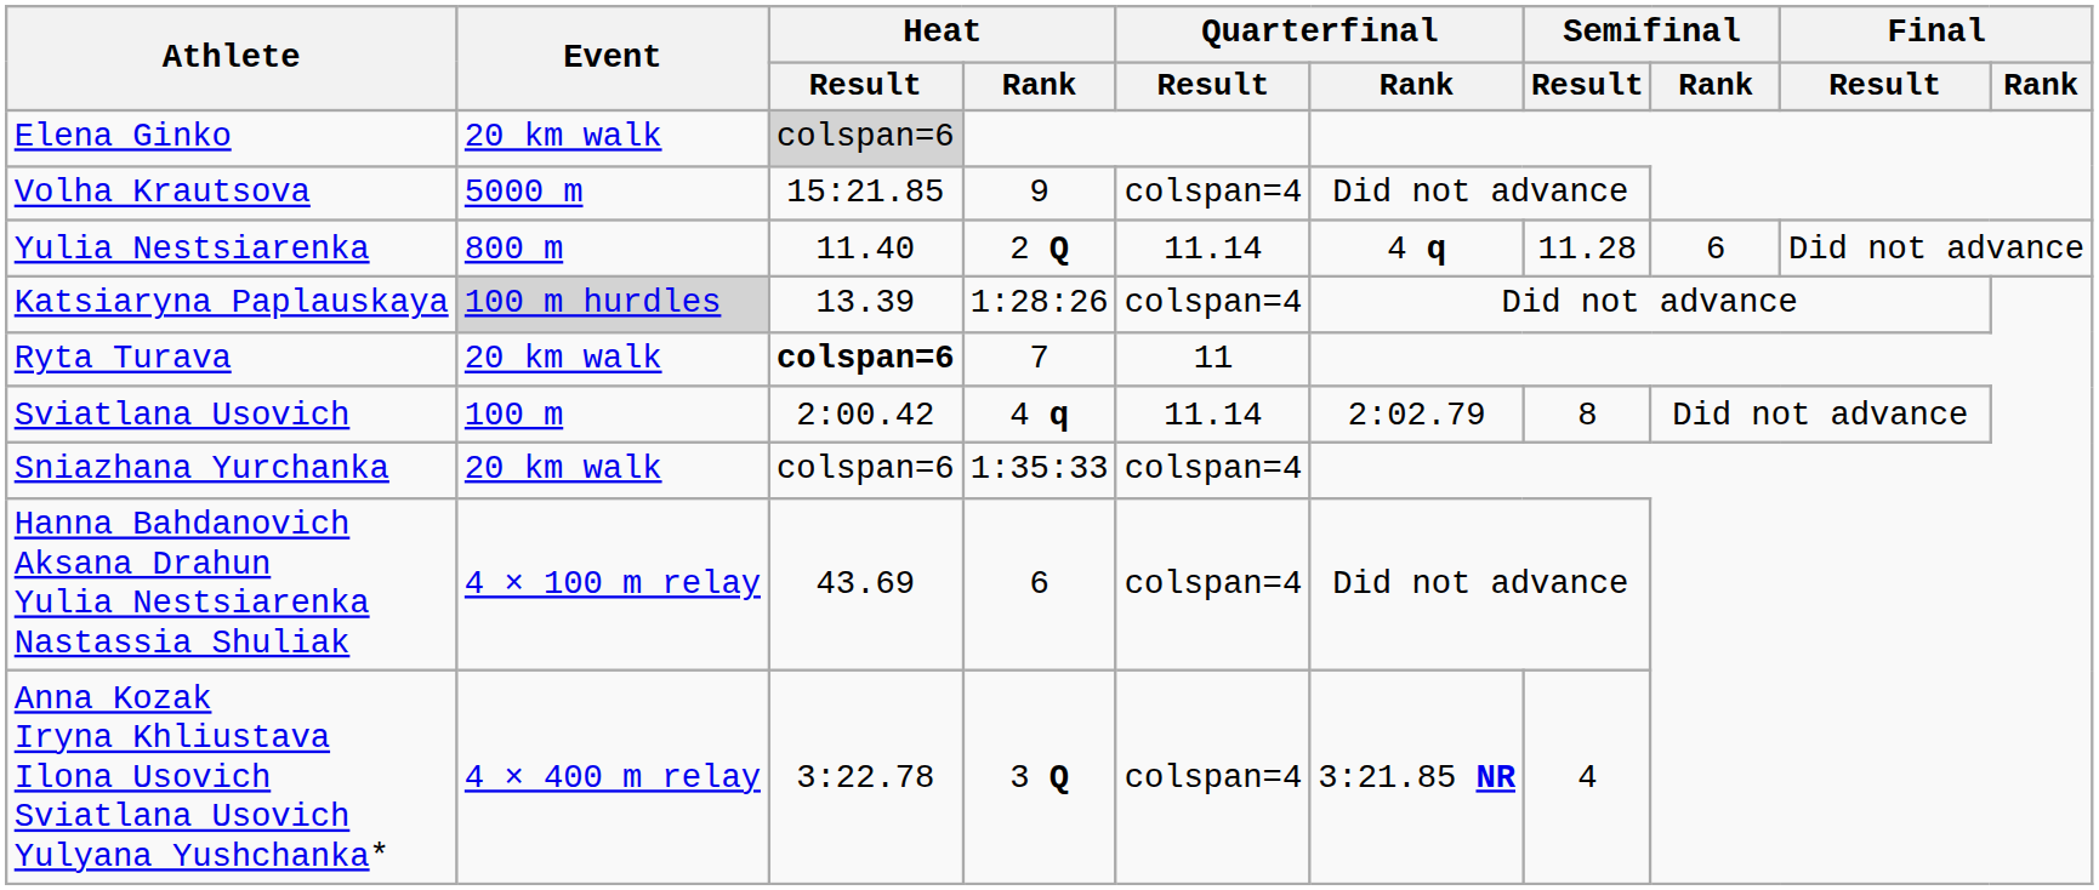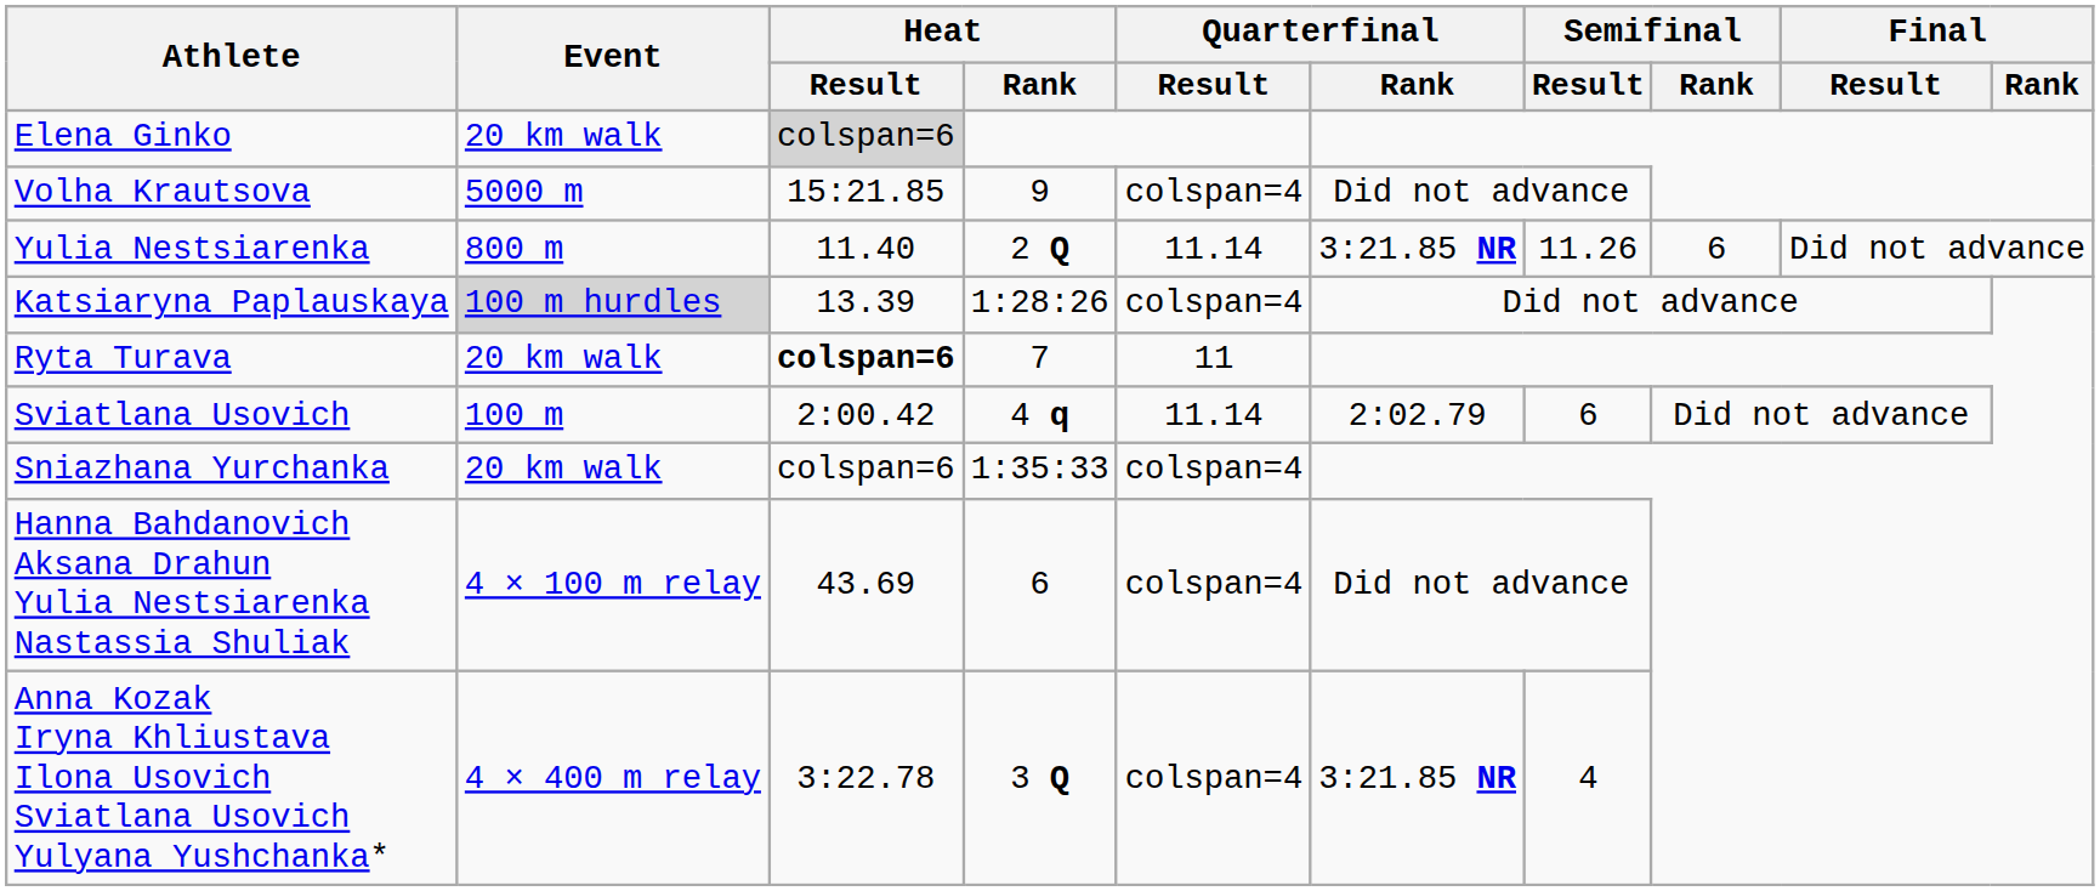 <table class=wikitable style="font-size:90%">
 <tr>
 <th rowspan="2">Athlete</th>
 <th rowspan="2">Event</th>
 <th colspan="2">Heat</th>
 <th colspan="2">Quarterfinal</th>
 <th colspan="2">Semifinal</th>
 <th colspan="2">Final</th>
 </tr>
 <tr style="font-size:95%">
 <th>Result</th>
 <th>Rank</th>
 <th>Result</th>
 <th>Rank</th>
 <th>Result</th>
 <th>Rank</th>
 <th>Result</th>
 <th>Rank</th>
 </tr>
 <tr align=center>
 <td align=left><a href='#'>Elena Ginko</a></td>
 <td align=left><a href='#'>20 km walk</a></td>
 <td style="background: lightgrey;">colspan=6 </td>
 <td colspan=2></td>
 </tr>
 <tr align=center>
 <td align=left><a href='#'>Volha Krautsova</a></td>
 <td align=left><a href='#'>5000 m</a></td>
 <td>15:21.85</td>
 <td>9</td>
 <td>colspan=4 </td>
 <td colspan=2>Did not advance</td>
 </tr>
 <tr align=center>
 <td align=left><a href='#'>Yulia Nestsiarenka</a></td>
 <td align=left><a href='#'>800 m</a></td>
 <td>11.40</td>
 <td>2 <strong>Q</strong></td>
 <td>11.14</td>
-<td>4 <strong>q</strong></td>
-<td>11.28</td>
+<td>3:21.85 <strong><a href='#'>NR</a></strong></td>
+<td>11.26</td>
 <td>6</td>
 <td colspan=2>Did not advance</td>
 </tr>
 <tr align=center>
 <td align=left><a href='#'>Katsiaryna Paplauskaya</a></td>
 <td align=left style="background: lightgrey;"><a href='#'>100 m hurdles</a></td>
 <td>13.39</td>
 <td>1:28:26</td>
 <td>colspan=4 </td>
 <td colspan=4>Did not advance</td>
 </tr>
 <tr align=center>
 <td align=left><a href='#'>Ryta Turava</a></td>
 <td align=left><a href='#'>20 km walk</a></td>
 <td><strong>colspan=6 </strong></td>
 <td>7</td>
 <td>11</td>
 </tr>
 <tr align=center>
 <td align=left><a href='#'>Sviatlana Usovich</a></td>
 <td align=left><a href='#'>100 m</a></td>
 <td>2:00.42</td>
 <td>4 <strong>q</strong></td>
 <td>11.14</td>
 <td>2:02.79</td>
-<td>8</td>
+<td>6</td>
 <td colspan=2>Did not advance</td>
 </tr>
 <tr align=center>
 <td align=left><a href='#'>Sniazhana Yurchanka</a></td>
 <td align=left><a href='#'>20 km walk</a></td>
 <td>colspan=6 </td>
 <td>1:35:33</td>
 <td>colspan=4 </td>
 </tr>
 <tr align=center>
 <td align=left><a href='#'>Hanna Bahdanovich</a><br><a href='#'>Aksana Drahun</a><br><a href='#'>Yulia Nestsiarenka</a><br><a href='#'>Nastassia Shuliak</a></td>
 <td align=left><a href='#'>4 × 100 m relay</a></td>
 <td>43.69</td>
 <td>6</td>
 <td>colspan=4 </td>
 <td colspan=2>Did not advance</td>
 </tr>
 <tr align=center>
 <td align=left><a href='#'>Anna Kozak</a><br><a href='#'>Iryna Khliustava</a><br><a href='#'>Ilona Usovich</a><br><a href='#'>Sviatlana Usovich</a><br><a href='#'>Yulyana Yushchanka</a>*</td>
 <td align=left><a href='#'>4 × 400 m relay</a></td>
 <td>3:22.78</td>
 <td>3 <strong>Q</strong></td>
 <td>colspan=4 </td>
 <td>3:21.85 <strong><a href='#'>NR</a></strong></td>
 <td>4</td>
 </tr>
 </table>
